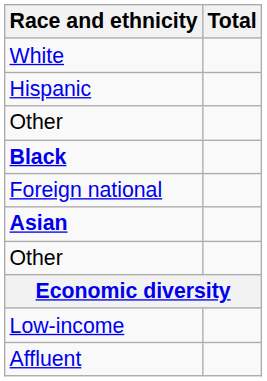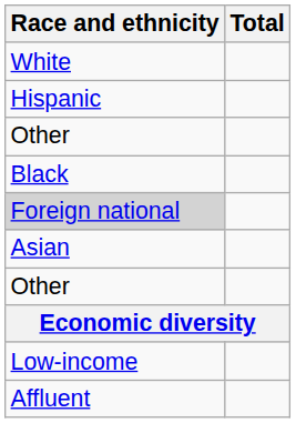 <table class="wikitable floatright sortable collapsible"; text-align:right; font-size:80%;">
 <tr>
 <th>Race and ethnicity</th>
 <th colspan="2" data-sort-type=number>Total</th>
 </tr>
 <tr>
 <td><a href='#'>White</a></td>
 <td align=right></td>
 </tr>
 <tr>
 <td><a href='#'>Hispanic</a></td>
 <td align=right></td>
 </tr>
 <tr>
 <td>Other</td>
 <td align=right></td>
 </tr>
 <tr>
-<td><strong><a href='#'>Black</a></strong></td>
+<td><a href='#'>Black</a></td>
 <td align=right></td>
 </tr>
 <tr>
-<td><a href='#'>Foreign national</a></td>
+<td style="background: lightgrey;"><a href='#'>Foreign national</a></td>
 <td align=right></td>
 </tr>
 <tr>
-<td><strong><a href='#'>Asian</a></strong></td>
+<td><a href='#'>Asian</a></td>
 <td align=right></td>
 </tr>
 <tr>
 <td>Other</td>
 <td align=right></td>
 </tr>
 <tr>
 <th colspan="4" data-sort-type=number><a href='#'>Economic diversity</a></th>
 </tr>
 <tr>
 <td><a href='#'>Low-income</a></td>
 <td align=right></td>
 </tr>
 <tr>
 <td><a href='#'>Affluent</a></td>
 <td align=right></td>
 </tr>
 </table>
